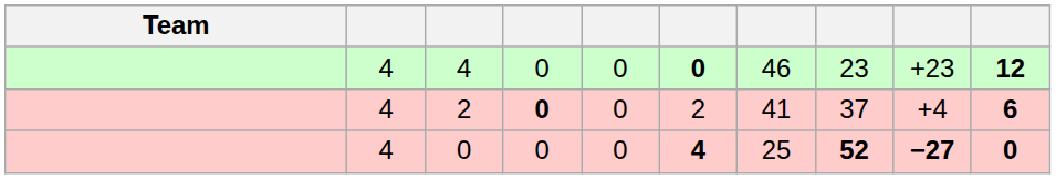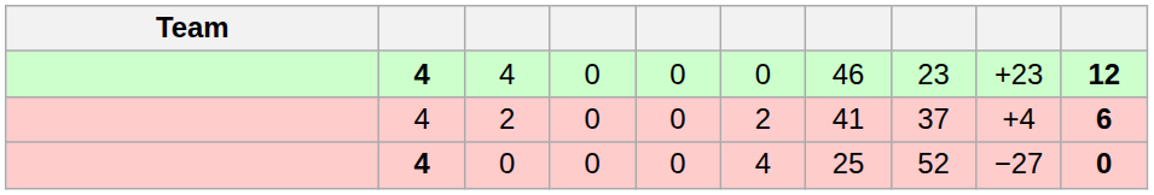 <table class=wikitable style="text-align:center">
 <tr>
 <th width=200>Team</th>
 <th width=40></th>
 <th width=40></th>
 <th width=40></th>
 <th width=40></th>
 <th width=40></th>
 <th width=40></th>
 <th width=40></th>
 <th width=40></th>
 <th width=40></th>
 </tr>
 <tr bgcolor=ccffcc>
 <td align=left></td>
-<td>4</td>
+<td><strong>4</strong></td>
 <td>4</td>
 <td>0</td>
 <td>0</td>
-<td><strong>0</strong></td>
+<td>0</td>
 <td>46</td>
 <td>23</td>
 <td>+23</td>
 <td><strong>12</strong></td>
 </tr>
 <tr bgcolor=ffcccc>
 <td align=left></td>
 <td>4</td>
 <td>2</td>
-<td><strong>0</strong></td>
+<td>0</td>
 <td>0</td>
 <td>2</td>
 <td>41</td>
 <td>37</td>
 <td>+4</td>
 <td><strong>6</strong></td>
 </tr>
 <tr bgcolor=ffcccc>
 <td align=left></td>
-<td>4</td>
+<td><strong>4</strong></td>
 <td>0</td>
 <td>0</td>
 <td>0</td>
-<td><strong>4</strong></td>
+<td>4</td>
 <td>25</td>
-<td><strong>52</strong></td>
-<td><strong>−27</strong></td>
+<td>52</td>
+<td>−27</td>
 <td><strong>0</strong></td>
 </tr>
 </table>
